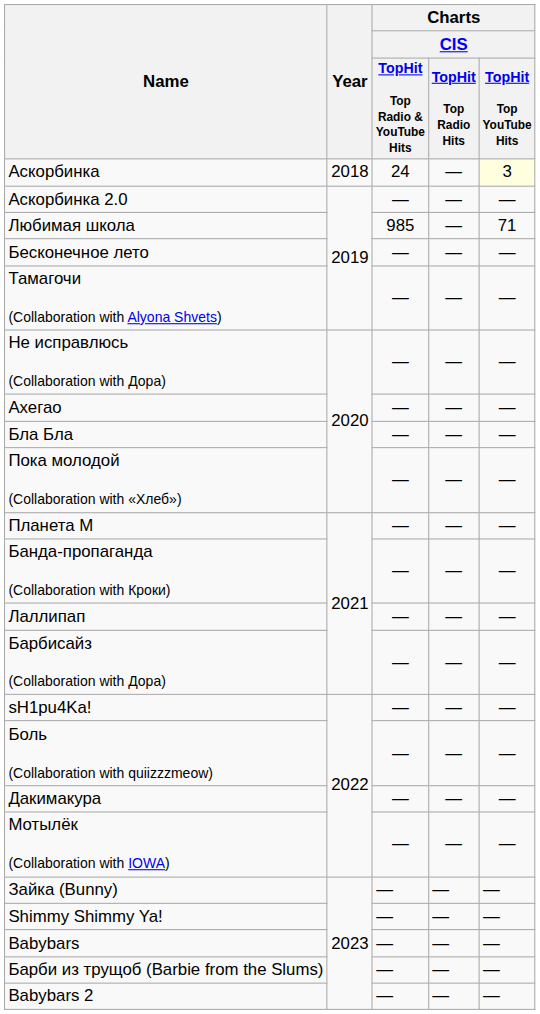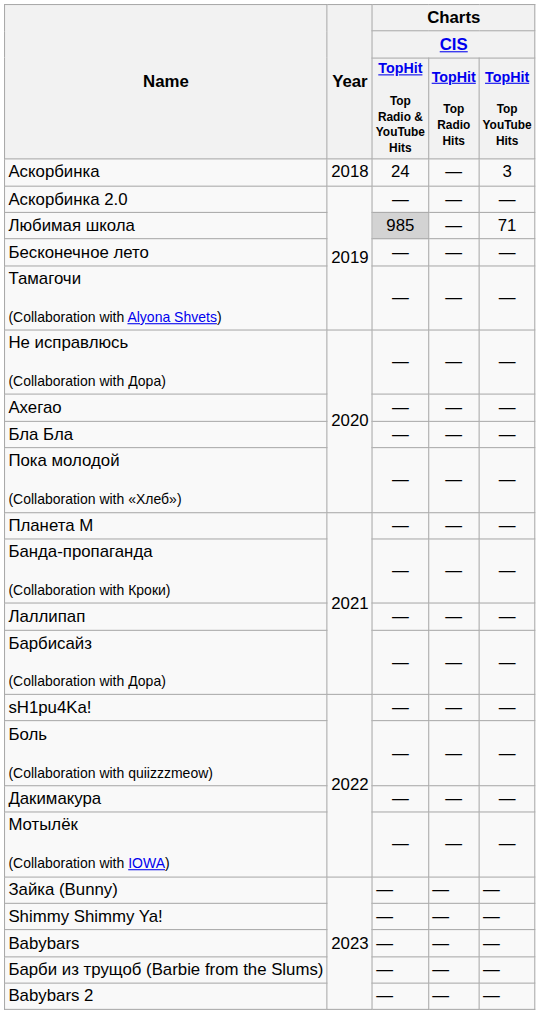 <table class="wikitable">
 <tr>
 <th rowspan="3">Name</th>
 <th rowspan="3">Year</th>
 <th colspan="3">Charts</th>
 </tr>
 <tr>
 <th colspan="3"><a href='#'>CIS</a></th>
 </tr>
 <tr>
 <th style="width:3em;font-size:85%;"><a href='#'>TopHit</a><br><br><small>Top Radio & YouTube Hits</small></th>
 <th style="width:3em;font-size:85%;"><a href='#'>TopHit</a><br><br><small>Top Radio Hits</small></th>
 <th style="width:3em;font-size:85%;"><a href='#'>TopHit</a><br><br><small>Top YouTube Hits</small></th>
 </tr>
 <tr>
 <td>Аскорбинка</td>
 <td align="center">2018</td>
 <td align="center">24</td>
 <td align="center">—</td>
-<td align="center" style="background: lightyellow;">3</td>
+<td align="center">3</td>
 </tr>
 <tr>
 <td>Аскорбинка 2.0</td>
 <td rowspan="4" align="center">2019</td>
 <td align="center">—</td>
 <td align="center">—</td>
 <td align="center">—</td>
 </tr>
 <tr>
 <td>Любимая школа</td>
-<td align="center">985</td>
+<td align="center" style="background: lightgrey;">985</td>
 <td align="center">—</td>
 <td align="center">71</td>
 </tr>
 <tr>
 <td>Бесконечное лето</td>
 <td align="center">—</td>
 <td align="center">—</td>
 <td align="center">—</td>
 </tr>
 <tr>
 <td>Тамагочи<br><br><small>(Collaboration with <a href='#'>Alyona Shvets</a>)</small></td>
 <td align="center">—</td>
 <td align="center">—</td>
 <td align="center">—</td>
 </tr>
 <tr>
 <td>Не исправлюсь<br><br><small>(Collaboration with Дора)</small></td>
 <td rowspan="4" align="center">2020</td>
 <td align="center">—</td>
 <td align="center">—</td>
 <td align="center">—</td>
 </tr>
 <tr>
 <td>Ахегао</td>
 <td align="center">—</td>
 <td align="center">—</td>
 <td align="center">—</td>
 </tr>
 <tr>
 <td>Бла Бла</td>
 <td align="center">—</td>
 <td align="center">—</td>
 <td align="center">—</td>
 </tr>
 <tr>
 <td>Пока молодой<br><br><small>(Collaboration with «Хлеб»)</small></td>
 <td align="center">—</td>
 <td align="center">—</td>
 <td align="center">—</td>
 </tr>
 <tr>
 <td>Планета М</td>
 <td rowspan="4">2021</td>
 <td align="center">—</td>
 <td align="center">—</td>
 <td align="center">—</td>
 </tr>
 <tr>
 <td>Банда-пропаганда<br><br><small>(Collaboration with Кроки)</small></td>
 <td align="center">—</td>
 <td align="center">—</td>
 <td align="center">—</td>
 </tr>
 <tr>
 <td>Лаллипап</td>
 <td align="center">—</td>
 <td align="center">—</td>
 <td align="center">—</td>
 </tr>
 <tr>
 <td>Барбисайз<br><br><small>(Collaboration with Дора)</small></td>
 <td align="center">—</td>
 <td align="center">—</td>
 <td align="center">—</td>
 </tr>
 <tr>
 <td>sH1pu4Ka!</td>
 <td rowspan="4">2022</td>
 <td align="center">—</td>
 <td align="center">—</td>
 <td align="center">—</td>
 </tr>
 <tr>
 <td>Боль<br><br><small>(Collaboration with quiizzzmeow)</small></td>
 <td align="center">—</td>
 <td align="center">—</td>
 <td align="center">—</td>
 </tr>
 <tr>
 <td>Дакимакура</td>
 <td align="center">—</td>
 <td align="center">—</td>
 <td align="center">—</td>
 </tr>
 <tr>
 <td>Мотылёк<br><br><small>(Collaboration with <a href='#'>IOWA</a>)</small></td>
 <td align="center">—</td>
 <td align="center">—</td>
 <td align="center">—</td>
 </tr>
 <tr>
 <td>Зайка (Bunny)</td>
 <td rowspan="5">2023</td>
 <td>—</td>
 <td>—</td>
 <td>—</td>
 </tr>
 <tr>
 <td>Shimmy Shimmy Ya!</td>
 <td>—</td>
 <td>—</td>
 <td>—</td>
 </tr>
 <tr>
 <td>Babybars</td>
 <td>—</td>
 <td>—</td>
 <td>—</td>
 </tr>
 <tr>
 <td>Барби из трущоб (Barbie from the Slums)</td>
 <td>—</td>
 <td>—</td>
 <td>—</td>
 </tr>
 <tr>
 <td>Babybars 2</td>
 <td>—</td>
 <td>—</td>
 <td>—</td>
 </tr>
 </table>
